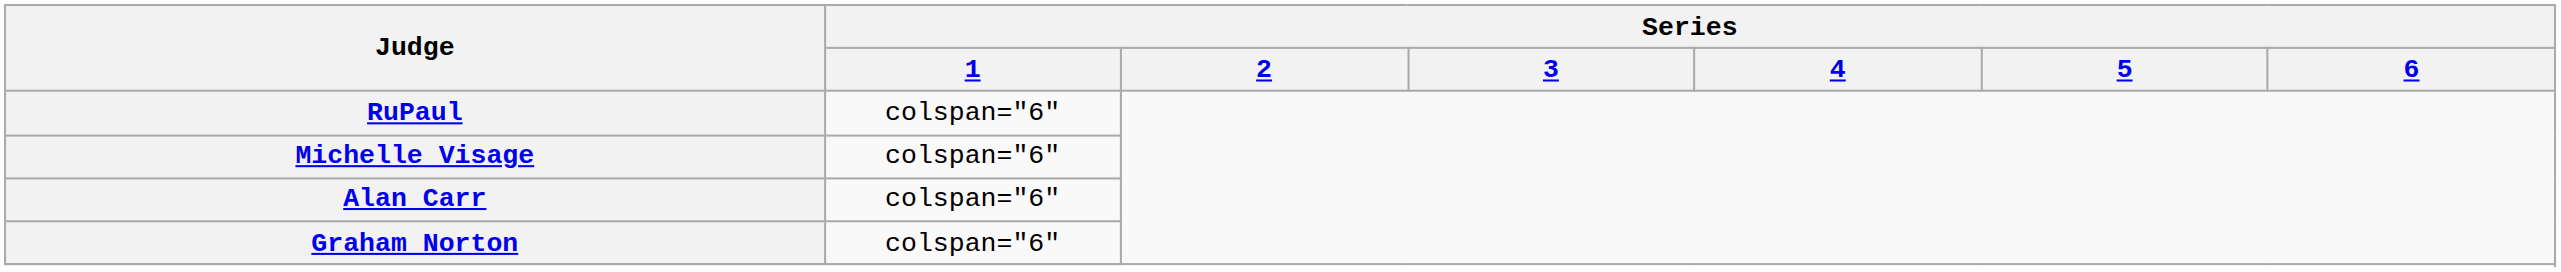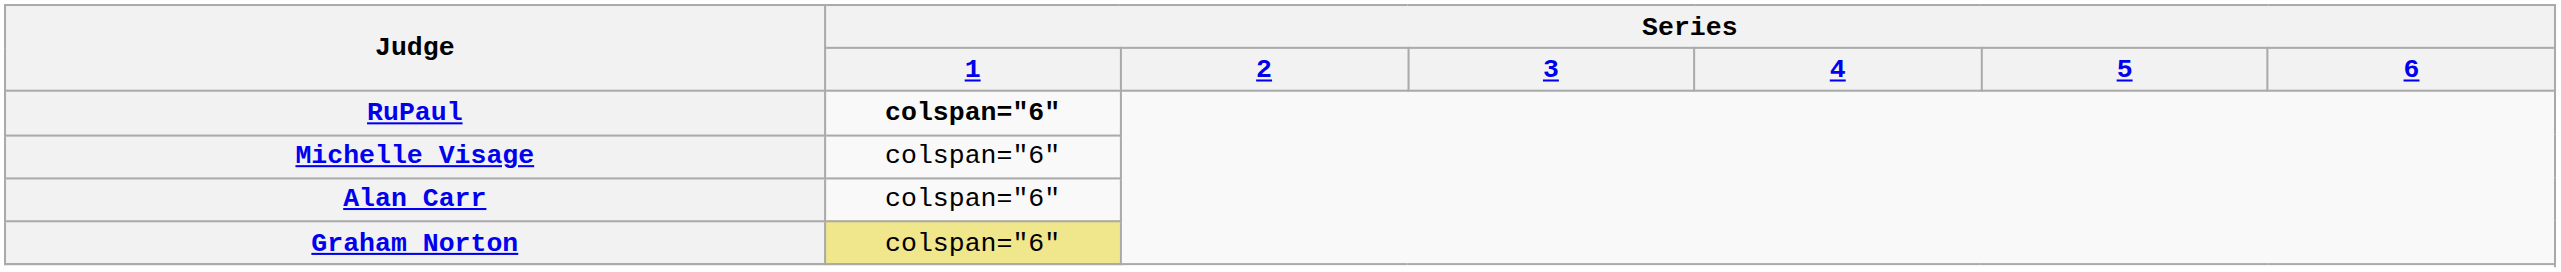 <table class="wikitable plainrowheaders" style="text-align:center">
 <tr>
 <th rowspan="2" style="width:20%;" scope="col">Judge</th>
 <th colspan="6">Series</th>
 </tr>
 <tr>
 <th style="width:7%;" scope="colspan"><a href='#'>1</a></th>
 <th style="width:7%;" scope="colspan"><a href='#'>2</a></th>
 <th style="width:7%;" scope="colspan"><a href='#'>3</a></th>
 <th style="width:7%;" scope="colspan"><a href='#'>4</a></th>
 <th style="width:7%;" scope="colspan"><a href='#'>5</a></th>
 <th style="width:7%;" scope="colspan"><a href='#'>6</a></th>
 </tr>
 <tr>
 <th scope="row" style="text-align: center;"><a href='#'>RuPaul</a></th>
-<td>colspan="6" </td>
+<td><strong>colspan="6" </strong></td>
 </tr>
 <tr>
 <th scope="row" style="text-align: center;"><a href='#'>Michelle Visage</a></th>
 <td>colspan="6" </td>
 </tr>
 <tr>
 <th scope="row" style="text-align: center;"><a href='#'>Alan Carr</a></th>
 <td>colspan="6" </td>
 </tr>
 <tr>
 <th scope="row" style="text-align: center;"><a href='#'>Graham Norton</a></th>
-<td>colspan="6" </td>
+<td style="background: khaki;">colspan="6" </td>
 </tr>
 <tr>
 </tr>
 </table>
